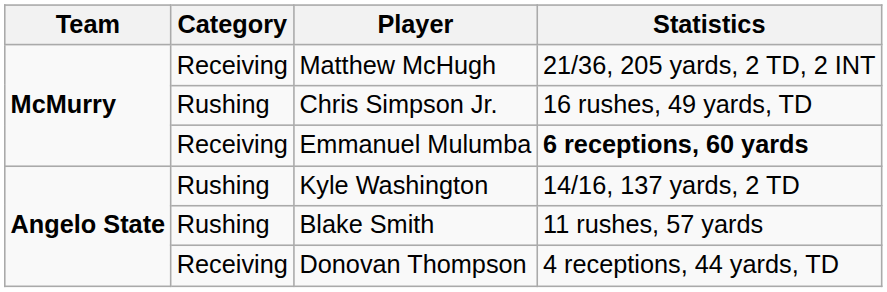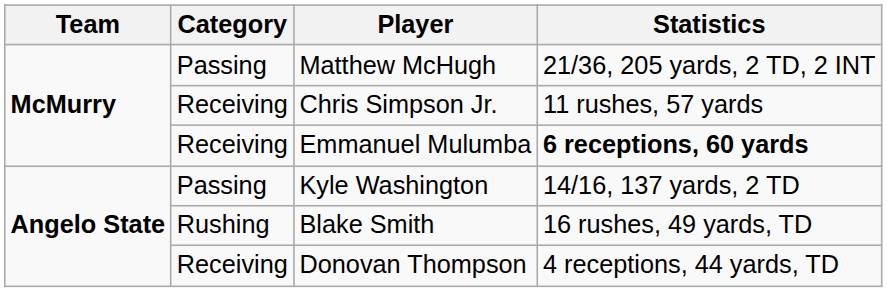 <table class="wikitable" style="float: left;">
 <tr>
 <th>Team</th>
 <th>Category</th>
 <th>Player</th>
 <th>Statistics</th>
 </tr>
 <tr>
 <td rowspan=3><strong>McMurry</strong></td>
-<td>Receiving</td>
+<td>Passing</td>
 <td>Matthew McHugh</td>
 <td>21/36, 205 yards, 2 TD, 2 INT</td>
 </tr>
 <tr>
-<td>Rushing</td>
+<td>Receiving</td>
 <td>Chris Simpson Jr.</td>
-<td>16 rushes, 49 yards, TD</td>
+<td>11 rushes, 57 yards</td>
 </tr>
 <tr>
 <td>Receiving</td>
 <td>Emmanuel Mulumba</td>
 <td><strong>6 receptions, 60 yards</strong></td>
 </tr>
 <tr>
 <td rowspan=3><strong>Angelo State</strong></td>
-<td>Rushing</td>
+<td>Passing</td>
 <td>Kyle Washington</td>
 <td>14/16, 137 yards, 2 TD</td>
 </tr>
 <tr>
 <td>Rushing</td>
 <td>Blake Smith</td>
-<td>11 rushes, 57 yards</td>
+<td>16 rushes, 49 yards, TD</td>
 </tr>
 <tr>
 <td>Receiving</td>
 <td>Donovan Thompson</td>
 <td>4 receptions, 44 yards, TD</td>
 </tr>
 </table>
